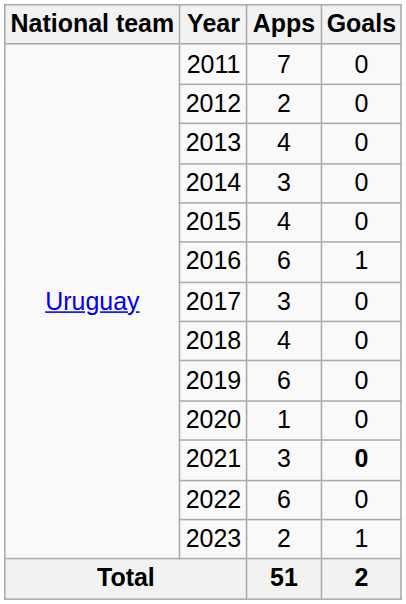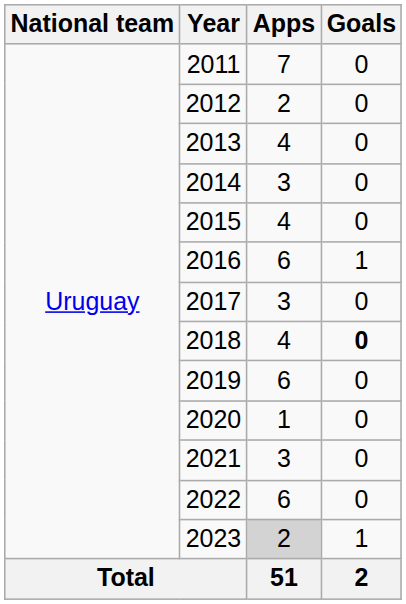 <table class="wikitable" style="text-align:center">
 <tr>
 <th>National team</th>
 <th>Year</th>
 <th>Apps</th>
 <th>Goals</th>
 </tr>
 <tr>
 <td rowspan="13"><a href='#'>Uruguay</a></td>
 <td>2011</td>
 <td>7</td>
 <td>0</td>
 </tr>
 <tr>
 <td>2012</td>
 <td>2</td>
 <td>0</td>
 </tr>
 <tr>
 <td>2013</td>
 <td>4</td>
 <td>0</td>
 </tr>
 <tr>
 <td>2014</td>
 <td>3</td>
 <td>0</td>
 </tr>
 <tr>
 <td>2015</td>
 <td>4</td>
 <td>0</td>
 </tr>
 <tr>
 <td>2016</td>
 <td>6</td>
 <td>1</td>
 </tr>
 <tr>
 <td>2017</td>
 <td>3</td>
 <td>0</td>
 </tr>
 <tr>
 <td>2018</td>
 <td>4</td>
-<td>0</td>
+<td><strong>0</strong></td>
 </tr>
 <tr>
 <td>2019</td>
 <td>6</td>
 <td>0</td>
 </tr>
 <tr>
 <td>2020</td>
 <td>1</td>
 <td>0</td>
 </tr>
 <tr>
 <td>2021</td>
 <td>3</td>
-<td><strong>0</strong></td>
+<td>0</td>
 </tr>
 <tr>
 <td>2022</td>
 <td>6</td>
 <td>0</td>
 </tr>
 <tr>
 <td>2023</td>
-<td>2</td>
+<td style="background: lightgrey;">2</td>
 <td>1</td>
 </tr>
 <tr>
 <th colspan="2">Total</th>
 <th>51</th>
 <th>2</th>
 </tr>
 </table>
